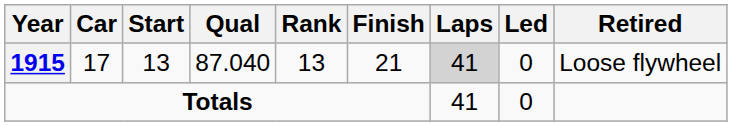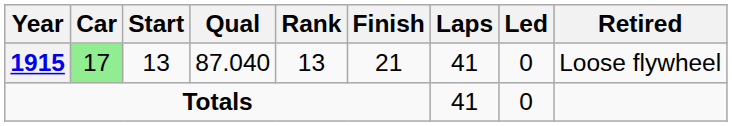 <table class="wikitable" style="text-align:center">
 <tr>
 <th>Year</th>
 <th>Car</th>
 <th>Start</th>
 <th>Qual</th>
 <th>Rank</th>
 <th>Finish</th>
 <th>Laps</th>
 <th>Led</th>
 <th>Retired</th>
 </tr>
 <tr>
 <th><a href='#'>1915</a></th>
-<td>17</td>
+<td style="background: lightgreen;">17</td>
 <td>13</td>
 <td>87.040</td>
 <td>13</td>
 <td>21</td>
-<td style="background: lightgrey;">41</td>
+<td>41</td>
 <td>0</td>
 <td>Loose flywheel</td>
 </tr>
 <tr>
 <td colspan=6><strong>Totals</strong></td>
 <td>41</td>
 <td>0</td>
 <td></td>
 </tr>
 </table>
